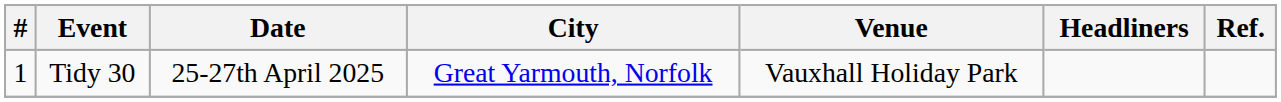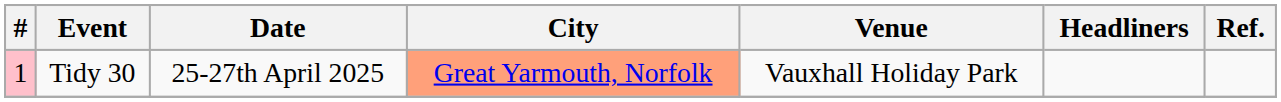 <table class="mw-datatable wikitable sortable succession-box" style="font-size:85%; text-align:center;" width="100%">
 <tr>
 <th>#</th>
 <th>Event</th>
 <th>Date</th>
 <th>City</th>
 <th>Venue</th>
 <th>Headliners</th>
 <th>Ref.</th>
 </tr>
 <tr>
-<td>1</td>
+<td style="background: pink;">1</td>
 <td>Tidy 30</td>
 <td>25-27th April 2025</td>
-<td><a href='#'>Great Yarmouth, Norfolk</a></td>
+<td style="background: lightsalmon;"><a href='#'>Great Yarmouth, Norfolk</a></td>
 <td>Vauxhall Holiday Park</td>
 <td></td>
 <td></td>
 </tr>
 <tr>
 </tr>
 </table>
